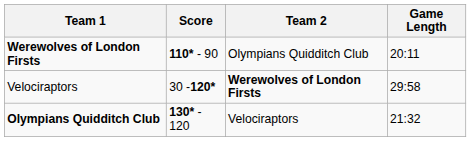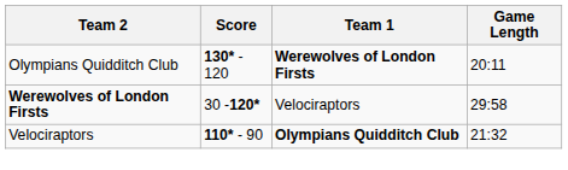 <table class="wikitable">
 <tr>
+<th>Team 2</th>
+<th>Score</th>
 <th>Team 1</th>
-<th>Score</th>
-<th>Team 2</th>
 <th>Game Length</th>
 </tr>
 <tr>
+<td>Olympians Quidditch Club</td>
+<td><strong>130*</strong> - 120</td>
 <td><strong>Werewolves of London Firsts</strong></td>
-<td><strong>110*</strong> - 90</td>
-<td>Olympians Quidditch Club</td>
 <td>20:11</td>
 </tr>
 <tr>
+<td><strong>Werewolves of London Firsts</strong></td>
+<td>30 -<strong>120*</strong></td>
 <td>Velociraptors</td>
-<td>30 -<strong>120*</strong></td>
-<td><strong>Werewolves of London Firsts</strong></td>
 <td>29:58</td>
 </tr>
 <tr>
+<td>Velociraptors</td>
+<td><strong>110*</strong> - 90</td>
 <td><strong>Olympians Quidditch Club</strong></td>
-<td><strong>130*</strong> - 120</td>
-<td>Velociraptors</td>
 <td>21:32</td>
 </tr>
 </table>
